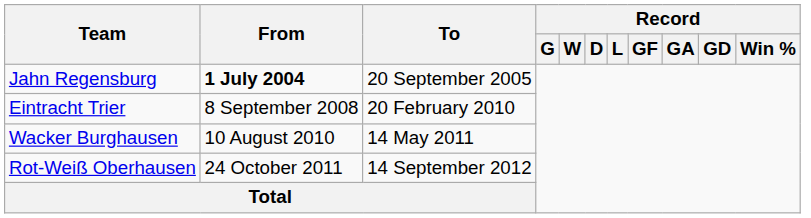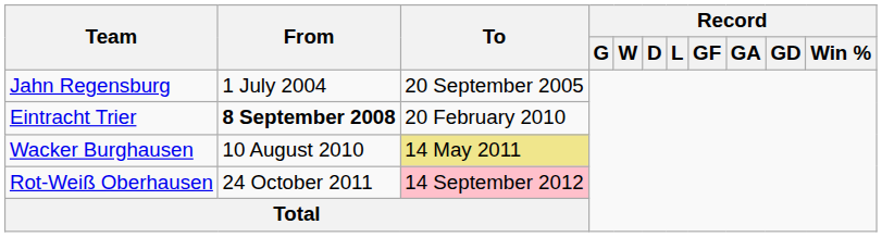 <table class="wikitable" style="text-align: center">
 <tr>
 <th rowspan="2">Team</th>
 <th rowspan="2">From</th>
 <th rowspan="2">To</th>
 <th colspan="8">Record</th>
 </tr>
 <tr>
 <th>G</th>
 <th>W</th>
 <th>D</th>
 <th>L</th>
 <th>GF</th>
 <th>GA</th>
 <th>GD</th>
 <th>Win %</th>
 </tr>
 <tr>
 <td align=left><a href='#'>Jahn Regensburg</a></td>
-<td align=left><strong>1 July 2004</strong></td>
+<td align=left>1 July 2004</td>
 <td align=left>20 September 2005<br></td>
 </tr>
 <tr>
 <td align=left><a href='#'>Eintracht Trier</a></td>
-<td align=left>8 September 2008</td>
+<td align=left><strong>8 September 2008</strong></td>
 <td align=left>20 February 2010<br></td>
 </tr>
 <tr>
 <td align=left><a href='#'>Wacker Burghausen</a></td>
 <td align=left>10 August 2010</td>
-<td align=left>14 May 2011<br></td>
+<td align=left style="background: khaki;">14 May 2011<br></td>
 </tr>
 <tr>
 <td align=left><a href='#'>Rot-Weiß Oberhausen</a></td>
 <td align=left>24 October 2011</td>
-<td align=left>14 September 2012<br></td>
+<td align=left style="background: pink;">14 September 2012<br></td>
 </tr>
 <tr>
 <th colspan="3">Total<br></th>
 </tr>
 </table>
